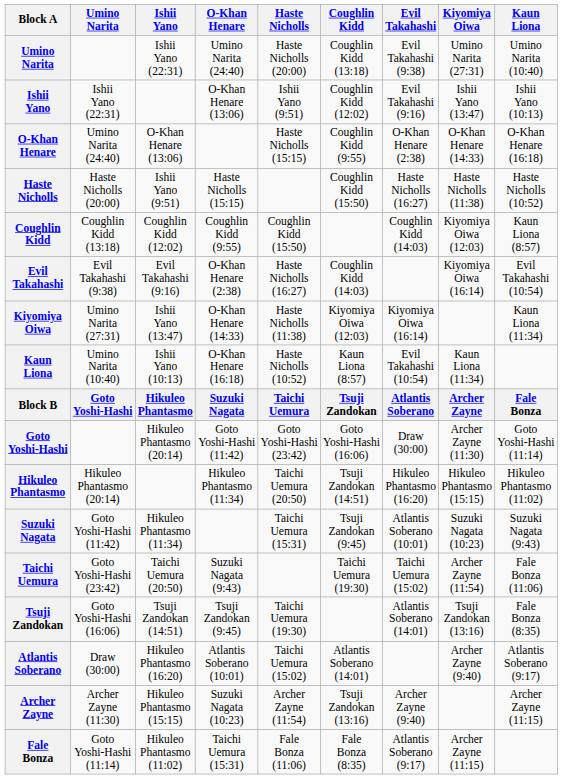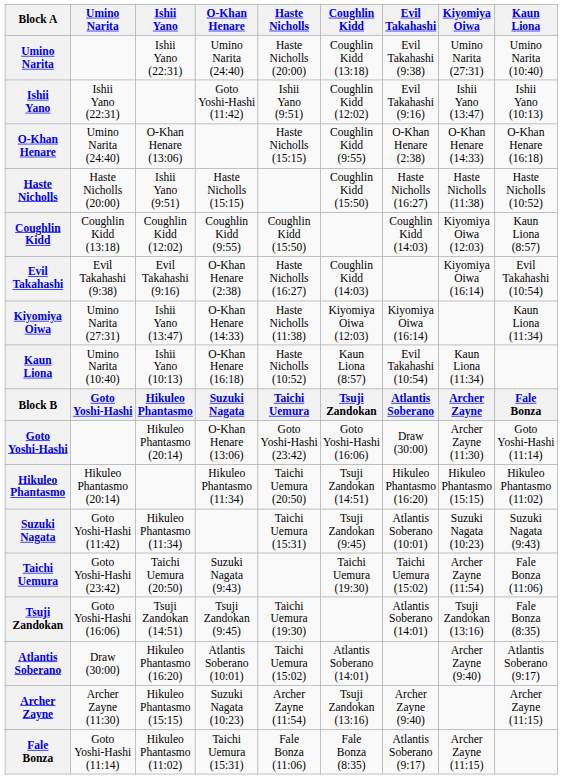 <table class="wikitable" style="text-align:center; margin: 1em auto 1em auto">
 <tr align="center">
 <th>Block A</th>
 <th><a href='#'>Umino</a><br><a href='#'>Narita</a></th>
 <th><a href='#'>Ishii</a> <br> <a href='#'>Yano</a></th>
 <th><a href='#'>O-Khan</a> <br> <a href='#'>Henare</a></th>
 <th><a href='#'>Haste</a> <br> <a href='#'>Nicholls</a></th>
 <th><a href='#'>Coughlin</a> <br> <a href='#'>Kidd</a></th>
 <th><a href='#'>Evil</a> <br> <a href='#'>Takahashi</a></th>
 <th><a href='#'>Kiyomiya</a> <br> <a href='#'>Oiwa</a></th>
 <th><a href='#'>Kaun</a> <br> <a href='#'>Liona</a></th>
 </tr>
 <tr align="center">
 <th><a href='#'>Umino</a><br><a href='#'>Narita</a></th>
 <td></td>
 <td>Ishii<br>Yano<br>(22:31)</td>
 <td>Umino<br>Narita<br>(24:40)</td>
 <td>Haste<br>Nicholls<br>(20:00)</td>
 <td>Coughlin<br>Kidd<br>(13:18)</td>
 <td>Evil<br>Takahashi<br>(9:38)</td>
 <td>Umino<br>Narita<br>(27:31)</td>
 <td>Umino<br>Narita<br>(10:40)</td>
 </tr>
 <tr align="center">
 <th><a href='#'>Ishii</a> <br> <a href='#'>Yano</a></th>
 <td>Ishii<br>Yano<br>(22:31)</td>
 <td></td>
-<td>O-Khan<br>Henare<br>(13:06)</td>
+<td>Goto<br>Yoshi-Hashi<br>(11:42)</td>
 <td>Ishii<br>Yano<br>(9:51)</td>
 <td>Coughlin<br>Kidd<br>(12:02)</td>
 <td>Evil<br>Takahashi<br>(9:16)</td>
 <td>Ishii<br>Yano<br>(13:47)</td>
 <td>Ishii<br>Yano<br>(10:13)</td>
 </tr>
 <tr align="center">
 <th><a href='#'>O-Khan</a> <br> <a href='#'>Henare</a></th>
 <td>Umino<br>Narita<br>(24:40)</td>
 <td>O-Khan<br>Henare<br>(13:06)</td>
 <td></td>
 <td>Haste<br>Nicholls<br>(15:15)</td>
 <td>Coughlin<br>Kidd<br>(9:55)</td>
 <td>O-Khan<br>Henare<br>(2:38)</td>
 <td>O-Khan<br>Henare<br>(14:33)</td>
 <td>O-Khan<br>Henare<br>(16:18)</td>
 </tr>
 <tr align="center">
 <th><a href='#'>Haste</a> <br> <a href='#'>Nicholls</a></th>
 <td>Haste<br>Nicholls<br>(20:00)</td>
 <td>Ishii<br>Yano<br>(9:51)</td>
 <td>Haste<br>Nicholls<br>(15:15)</td>
 <td></td>
 <td>Coughlin<br>Kidd<br>(15:50)</td>
 <td>Haste<br>Nicholls<br>(16:27)</td>
 <td>Haste<br>Nicholls<br>(11:38)</td>
 <td>Haste<br>Nicholls<br>(10:52)</td>
 </tr>
 <tr align="center">
 <th><a href='#'>Coughlin</a> <br> <a href='#'>Kidd</a></th>
 <td>Coughlin<br>Kidd<br>(13:18)</td>
 <td>Coughlin<br>Kidd<br>(12:02)</td>
 <td>Coughlin<br>Kidd<br>(9:55)</td>
 <td>Coughlin<br>Kidd<br>(15:50)</td>
 <td></td>
 <td>Coughlin<br>Kidd<br>(14:03)</td>
 <td>Kiyomiya<br>Oiwa<br>(12:03)</td>
 <td>Kaun<br>Liona<br>(8:57)</td>
 </tr>
 <tr align="center">
 <th><a href='#'>Evil</a> <br> <a href='#'>Takahashi</a></th>
 <td>Evil<br>Takahashi<br>(9:38)</td>
 <td>Evil<br>Takahashi<br>(9:16)</td>
 <td>O-Khan<br>Henare<br>(2:38)</td>
 <td>Haste<br>Nicholls<br>(16:27)</td>
 <td>Coughlin<br>Kidd<br>(14:03)</td>
 <td></td>
 <td>Kiyomiya<br>Oiwa<br>(16:14)</td>
 <td>Evil<br>Takahashi<br>(10:54)</td>
 </tr>
 <tr align="center">
 <th><a href='#'>Kiyomiya</a> <br>  <a href='#'>Oiwa</a></th>
 <td>Umino<br>Narita<br>(27:31)</td>
 <td>Ishii<br>Yano<br>(13:47)</td>
 <td>O-Khan<br>Henare<br>(14:33)</td>
 <td>Haste<br>Nicholls<br>(11:38)</td>
 <td>Kiyomiya<br>Oiwa<br>(12:03)</td>
 <td>Kiyomiya<br>Oiwa<br>(16:14)</td>
 <td></td>
 <td>Kaun<br>Liona<br>(11:34)</td>
 </tr>
 <tr align="center">
 <th><a href='#'>Kaun</a> <br> <a href='#'>Liona</a></th>
 <td>Umino<br>Narita<br>(10:40)</td>
 <td>Ishii<br>Yano<br>(10:13)</td>
 <td>O-Khan<br>Henare<br>(16:18)</td>
 <td>Haste<br>Nicholls<br>(10:52)</td>
 <td>Kaun<br>Liona<br>(8:57)</td>
 <td>Evil<br>Takahashi<br>(10:54)</td>
 <td>Kaun<br>Liona<br>(11:34)</td>
 <td></td>
 </tr>
 <tr align="center">
 <th>Block B</th>
 <th><a href='#'>Goto</a> <br> <a href='#'>Yoshi-Hashi</a></th>
 <th><a href='#'>Hikuleo</a> <br> <a href='#'>Phantasmo</a></th>
 <th><a href='#'>Suzuki</a> <br> <a href='#'>Nagata</a></th>
 <th><a href='#'>Taichi</a> <br> <a href='#'>Uemura</a></th>
 <th><a href='#'>Tsuji</a> <br>Zandokan</th>
 <th><a href='#'>Atlantis</a> <br> <a href='#'>Soberano</a></th>
 <th><a href='#'>Archer</a> <br> <a href='#'>Zayne</a></th>
 <th><a href='#'>Fale</a> <br> Bonza</th>
 </tr>
 <tr align="center">
 <th><a href='#'>Goto</a> <br> <a href='#'>Yoshi-Hashi</a></th>
 <td></td>
 <td>Hikuleo<br>Phantasmo<br>(20:14)</td>
-<td>Goto<br>Yoshi-Hashi<br>(11:42)</td>
+<td>O-Khan<br>Henare<br>(13:06)</td>
 <td>Goto<br>Yoshi-Hashi<br>(23:42)</td>
 <td>Goto<br>Yoshi-Hashi<br>(16:06)</td>
 <td>Draw<br>(30:00)</td>
 <td>Archer<br>Zayne<br>(11:30)</td>
 <td>Goto<br>Yoshi-Hashi<br>(11:14)</td>
 </tr>
 <tr align="center">
 <th><a href='#'>Hikuleo</a> <br> <a href='#'>Phantasmo</a></th>
 <td>Hikuleo<br>Phantasmo<br>(20:14)</td>
 <td></td>
 <td>Hikuleo<br>Phantasmo<br>(11:34)</td>
 <td>Taichi<br>Uemura<br>(20:50)</td>
 <td>Tsuji<br>Zandokan<br>(14:51)</td>
 <td>Hikuleo<br>Phantasmo<br>(16:20)</td>
 <td>Hikuleo<br>Phantasmo<br>(15:15)</td>
 <td>Hikuleo<br>Phantasmo<br>(11:02)</td>
 </tr>
 <tr align="center">
 <th><a href='#'>Suzuki</a> <br> <a href='#'>Nagata</a></th>
 <td>Goto<br>Yoshi-Hashi<br>(11:42)</td>
 <td>Hikuleo<br>Phantasmo<br>(11:34)</td>
 <td></td>
 <td>Taichi<br>Uemura<br>(15:31)</td>
 <td>Tsuji<br>Zandokan<br>(9:45)</td>
 <td>Atlantis<br>Soberano<br>(10:01)</td>
 <td>Suzuki<br>Nagata<br>(10:23)</td>
 <td>Suzuki<br>Nagata<br>(9:43)</td>
 </tr>
 <tr align="center">
 <th><a href='#'>Taichi</a> <br> <a href='#'>Uemura</a></th>
 <td>Goto<br>Yoshi-Hashi<br>(23:42)</td>
 <td>Taichi<br>Uemura<br>(20:50)</td>
 <td>Suzuki<br>Nagata<br>(9:43)</td>
 <td></td>
 <td>Taichi<br>Uemura<br>(19:30)</td>
 <td>Taichi<br>Uemura<br>(15:02)</td>
 <td>Archer<br>Zayne<br>(11:54)</td>
 <td>Fale<br>Bonza<br>(11:06)</td>
 </tr>
 <tr align="center">
 <th><a href='#'>Tsuji</a> <br> Zandokan</th>
 <td>Goto<br>Yoshi-Hashi<br>(16:06)</td>
 <td>Tsuji<br>Zandokan<br>(14:51)</td>
 <td>Tsuji<br>Zandokan<br>(9:45)</td>
 <td>Taichi<br>Uemura<br>(19:30)</td>
 <td></td>
 <td>Atlantis<br>Soberano<br>(14:01)</td>
 <td>Tsuji<br>Zandokan<br>(13:16)</td>
 <td>Fale<br>Bonza<br>(8:35)</td>
 </tr>
 <tr align="center">
 <th><a href='#'>Atlantis</a> <br> <a href='#'>Soberano</a></th>
 <td>Draw<br>(30:00)</td>
 <td>Hikuleo<br>Phantasmo<br>(16:20)</td>
 <td>Atlantis<br>Soberano<br>(10:01)</td>
 <td>Taichi<br>Uemura<br>(15:02)</td>
 <td>Atlantis<br>Soberano<br>(14:01)</td>
 <td></td>
 <td>Archer<br>Zayne<br>(9:40)</td>
 <td>Atlantis<br>Soberano<br>(9:17)</td>
 </tr>
 <tr align="center">
 <th><a href='#'>Archer</a> <br> <a href='#'>Zayne</a></th>
 <td>Archer<br>Zayne<br>(11:30)</td>
 <td>Hikuleo<br>Phantasmo<br>(15:15)</td>
 <td>Suzuki <br> Nagata <br> (10:23)</td>
 <td>Archer<br>Zayne<br>(11:54)</td>
 <td>Tsuji<br>Zandokan<br>(13:16)</td>
 <td>Archer<br>Zayne<br>(9:40)</td>
 <td></td>
 <td>Archer<br>Zayne<br>(11:15)</td>
 </tr>
 <tr align="center">
 <th><a href='#'>Fale</a> <br> Bonza</th>
 <td>Goto<br>Yoshi-Hashi<br>(11:14)</td>
 <td>Hikuleo<br>Phantasmo<br>(11:02)</td>
 <td>Taichi<br>Uemura<br>(15:31)</td>
 <td>Fale<br>Bonza<br>(11:06)</td>
 <td>Fale<br>Bonza<br>(8:35)</td>
 <td>Atlantis<br>Soberano<br>(9:17)</td>
 <td>Archer<br>Zayne<br>(11:15)</td>
 <td></td>
 </tr>
 </table>
